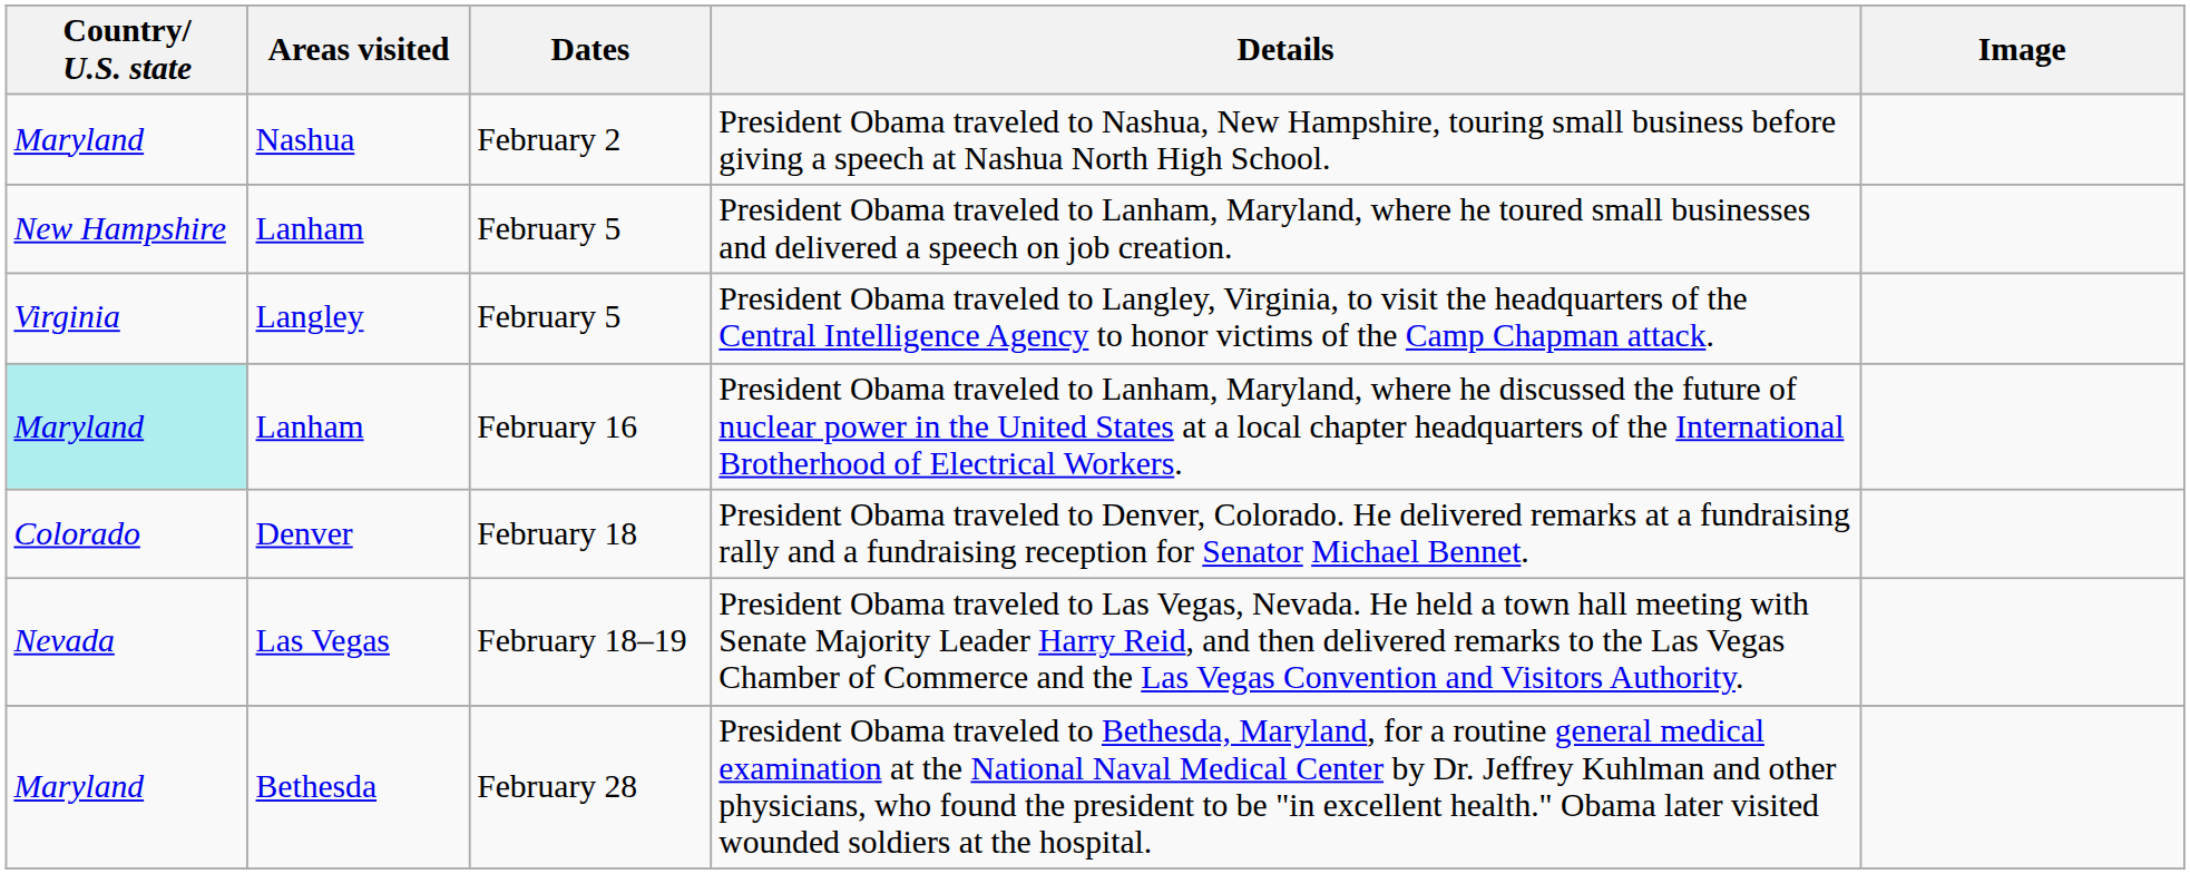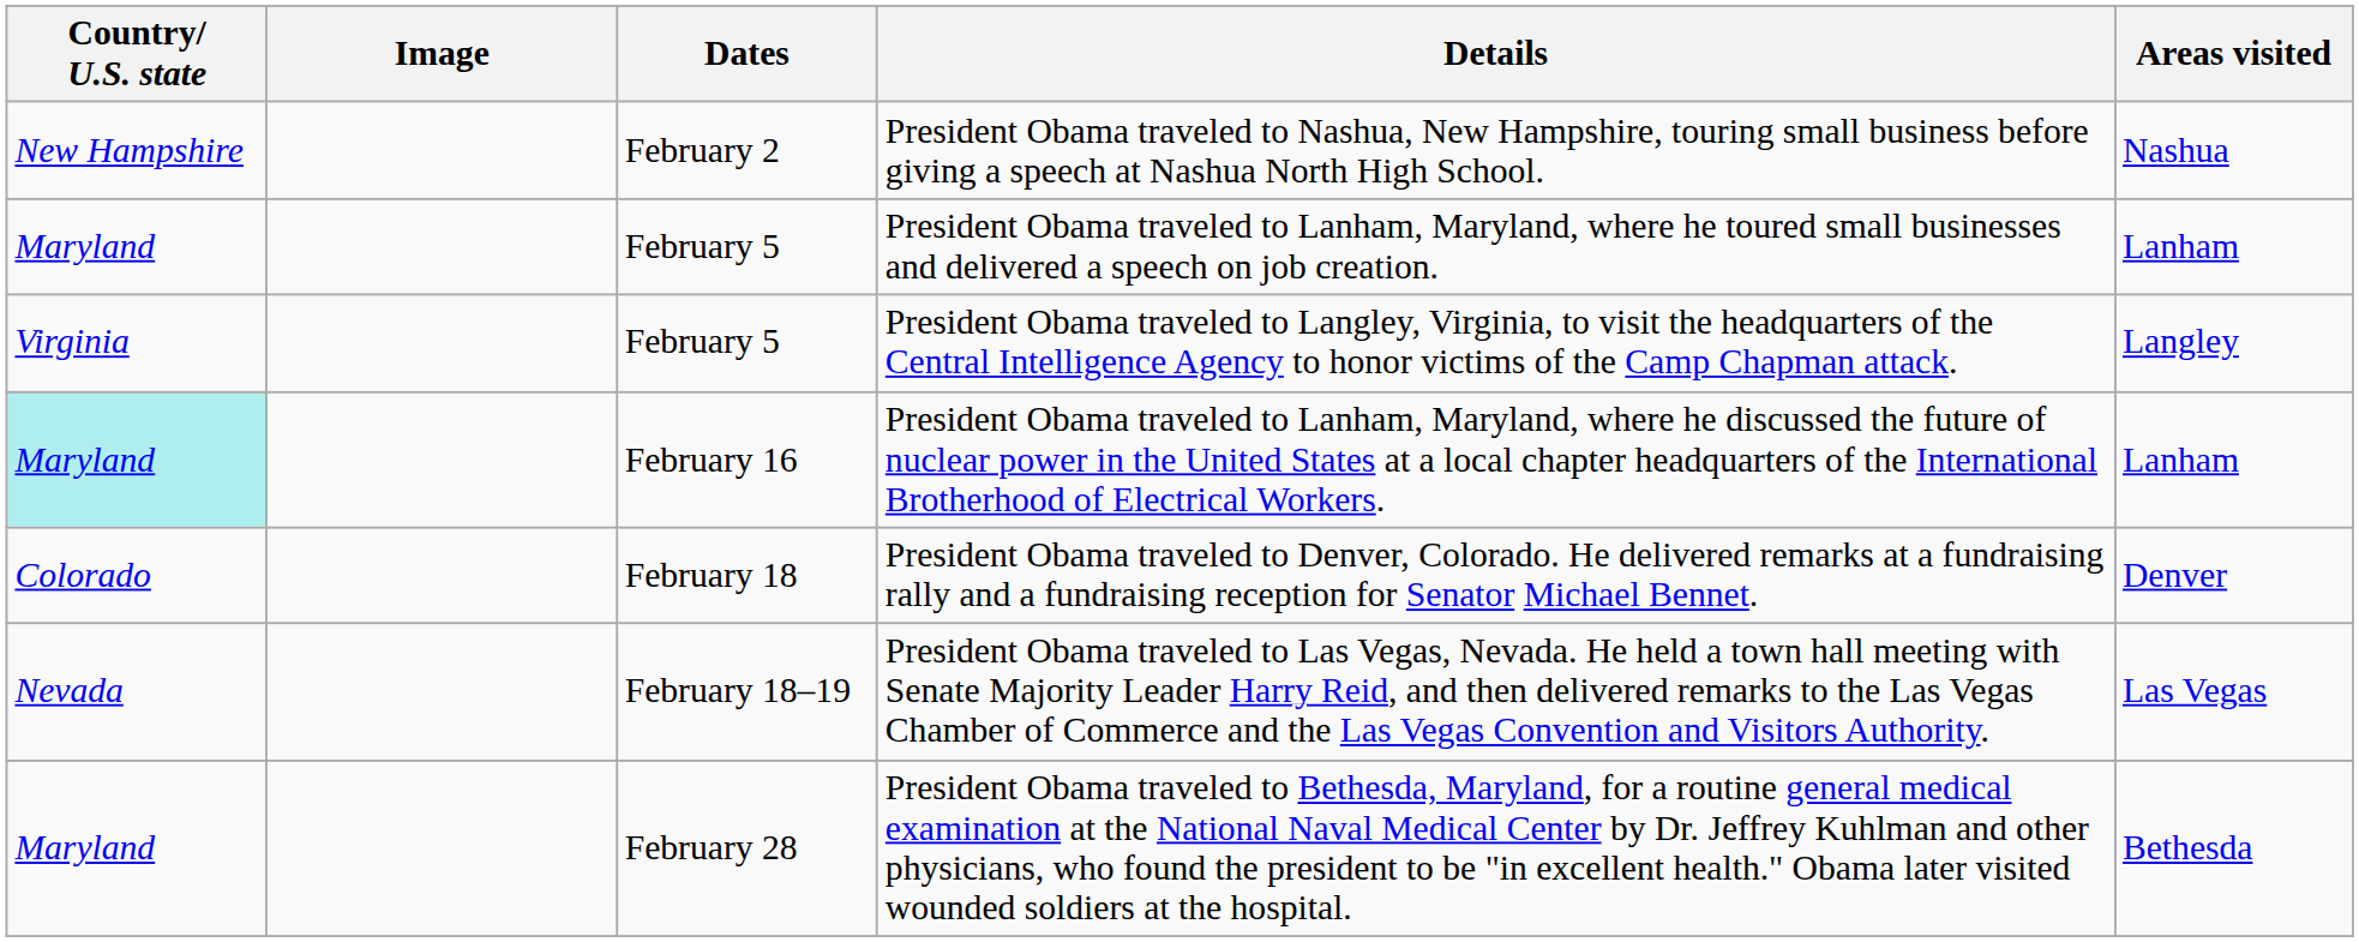 <table class="wikitable" style="margin: 1em auto 1em auto">
 <tr>
 <th width=110>Country/<br><em>U.S. state</em></th>
-<th width=100>Areas visited</th>
+<th width=150>Image</th>
 <th width=110>Dates</th>
 <th width=550>Details</th>
-<th width=150>Image</th>
+<th width=100>Areas visited</th>
+</tr>
+<tr>
+<td> <em><a href='#'>New Hampshire</a></em></td>
+<td></td>
+<td>February 2</td>
+<td>President Obama traveled to Nashua, New Hampshire, touring small business before giving a speech at Nashua North High School.</td>
+<td><a href='#'>Nashua</a></td>
 </tr>
 <tr>
 <td> <em><a href='#'>Maryland</a></em></td>
-<td><a href='#'>Nashua</a></td>
-<td>February 2</td>
-<td>President Obama traveled to Nashua, New Hampshire, touring small business before giving a speech at Nashua North High School.</td>
 <td></td>
-</tr>
-<tr>
-<td> <em><a href='#'>New Hampshire</a></em></td>
-<td><a href='#'>Lanham</a></td>
 <td>February 5</td>
 <td>President Obama traveled to Lanham, Maryland, where he toured small businesses and delivered a speech on job creation.</td>
-<td></td>
+<td><a href='#'>Lanham</a></td>
 </tr>
 <tr>
 <td> <em><a href='#'>Virginia</a></em></td>
-<td><a href='#'>Langley</a></td>
+<td></td>
 <td>February 5</td>
 <td>President Obama traveled to Langley, Virginia, to visit the headquarters of the <a href='#'>Central Intelligence Agency</a> to honor victims of the <a href='#'>Camp Chapman attack</a>.</td>
-<td></td>
+<td><a href='#'>Langley</a></td>
 </tr>
 <tr>
 <td style="background: paleturquoise;"> <em><a href='#'>Maryland</a></em></td>
-<td><a href='#'>Lanham</a></td>
+<td></td>
 <td>February 16</td>
 <td>President Obama traveled to Lanham, Maryland, where he discussed the future of <a href='#'>nuclear power in the United States</a> at a local chapter headquarters of the <a href='#'>International Brotherhood of Electrical Workers</a>.</td>
-<td></td>
+<td><a href='#'>Lanham</a></td>
 </tr>
 <tr>
 <td> <em><a href='#'>Colorado</a></em></td>
-<td><a href='#'>Denver</a></td>
+<td></td>
 <td>February 18</td>
 <td>President Obama traveled to Denver, Colorado. He delivered remarks at a fundraising rally and a fundraising reception for <a href='#'>Senator</a> <a href='#'>Michael Bennet</a>.</td>
-<td></td>
+<td><a href='#'>Denver</a></td>
 </tr>
 <tr>
 <td> <em><a href='#'>Nevada</a></em></td>
-<td><a href='#'>Las Vegas</a></td>
+<td></td>
 <td>February 18–19</td>
 <td>President Obama traveled to Las Vegas, Nevada. He held a town hall meeting with Senate Majority Leader <a href='#'>Harry Reid</a>, and then delivered remarks to the Las Vegas Chamber of Commerce and the <a href='#'>Las Vegas Convention and Visitors Authority</a>.</td>
-<td></td>
+<td><a href='#'>Las Vegas</a></td>
 </tr>
 <tr>
 <td> <em><a href='#'>Maryland</a></em></td>
-<td><a href='#'>Bethesda</a></td>
+<td></td>
 <td>February 28</td>
 <td>President Obama traveled to <a href='#'>Bethesda, Maryland</a>, for a routine <a href='#'>general medical examination</a> at the <a href='#'>National Naval Medical Center</a> by Dr. Jeffrey Kuhlman and other physicians, who found the president to be "in excellent health." Obama later visited wounded soldiers at the hospital.</td>
-<td></td>
+<td><a href='#'>Bethesda</a></td>
 </tr>
 </table>
